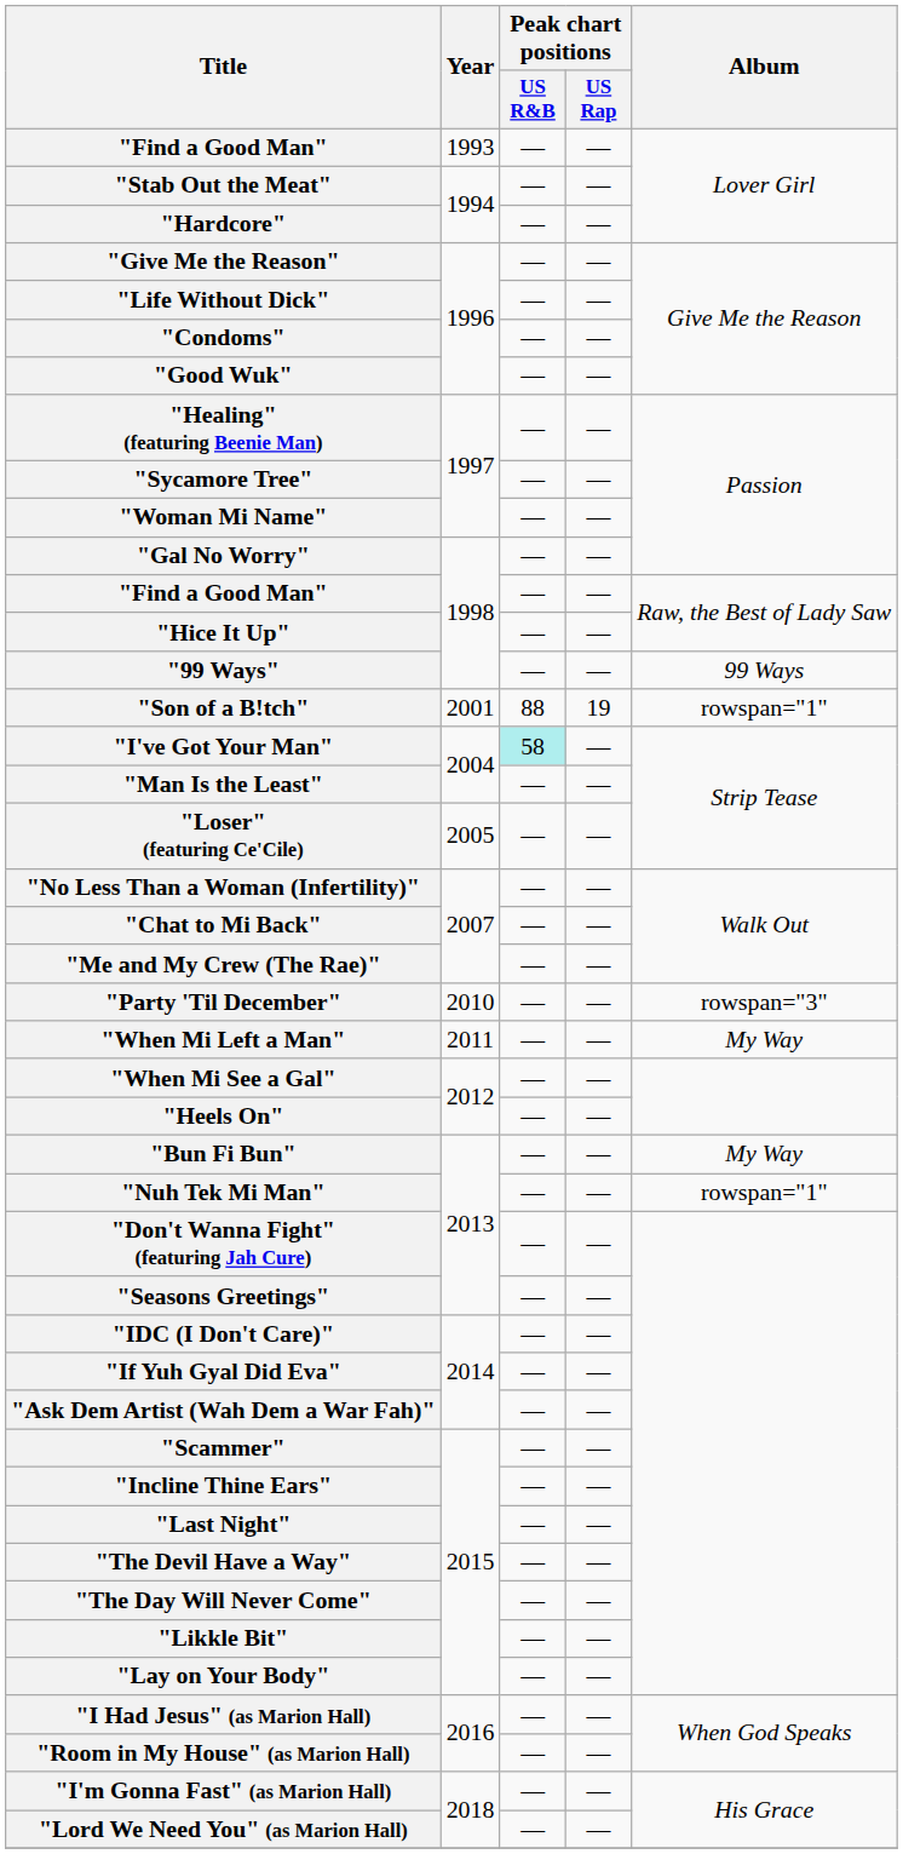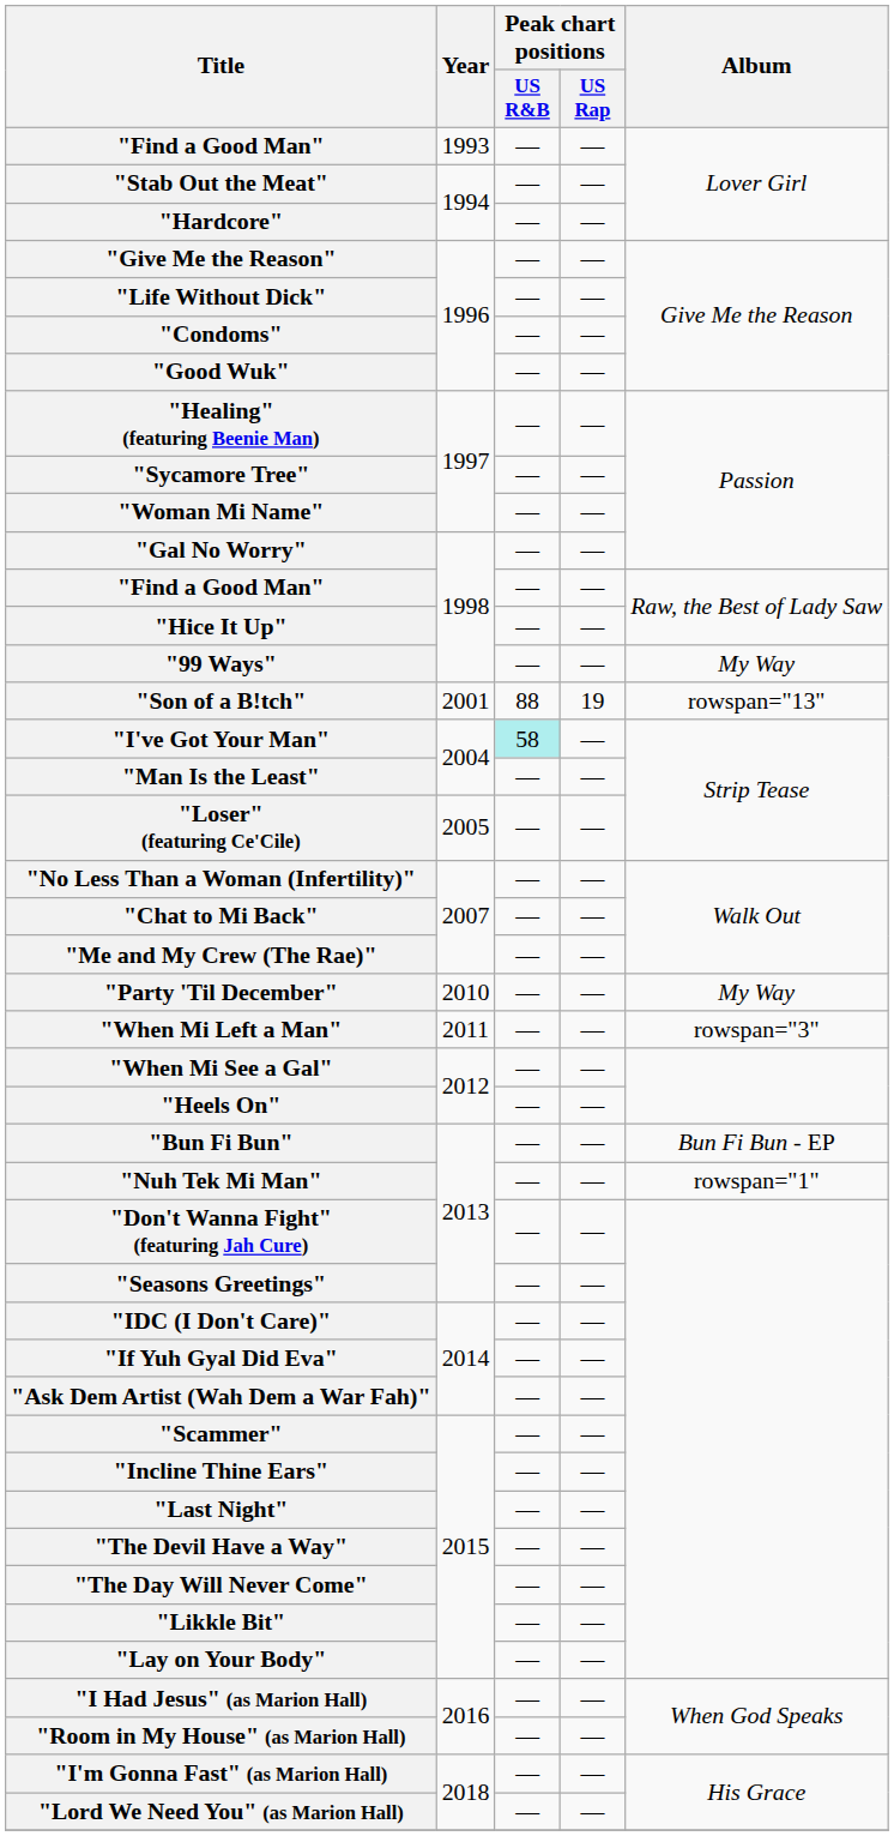 <table class="wikitable plainrowheaders" style="text-align: center;" border="1">
 <tr>
 <th rowspan="2">Title</th>
 <th rowspan="2">Year</th>
 <th colspan="2">Peak chart positions</th>
 <th rowspan="2">Album</th>
 </tr>
 <tr>
 <th scope="col" style="width:2.75em;font-size:85%;"><a href='#'>US<br>R&B</a><br></th>
 <th scope="col" style="width:2.75em;font-size:85%;"><a href='#'>US<br>Rap</a><br></th>
 </tr>
 <tr>
 <th scope="row">"Find a Good Man"</th>
 <td rowspan="1">1993</td>
 <td>—</td>
 <td>—</td>
 <td rowspan="3"><em>Lover Girl</em></td>
 </tr>
 <tr>
 <th scope="row">"Stab Out the Meat"</th>
 <td rowspan="2">1994</td>
 <td>—</td>
 <td>—</td>
 </tr>
 <tr>
 <th scope="row">"Hardcore"</th>
 <td>—</td>
 <td>—</td>
 </tr>
 <tr>
 <th scope="row">"Give Me the Reason"</th>
 <td rowspan="4">1996</td>
 <td>—</td>
 <td>—</td>
 <td rowspan="4"><em>Give Me the Reason</em></td>
 </tr>
 <tr>
 <th scope="row">"Life Without Dick"</th>
 <td>—</td>
 <td>—</td>
 </tr>
 <tr>
 <th scope="row">"Condoms"</th>
 <td>—</td>
 <td>—</td>
 </tr>
 <tr>
 <th scope="row">"Good Wuk"</th>
 <td>—</td>
 <td>—</td>
 </tr>
 <tr>
 <th scope="row">"Healing"<br><small>(featuring <a href='#'>Beenie Man</a>)</small></th>
 <td rowspan="3">1997</td>
 <td>—</td>
 <td>—</td>
 <td rowspan="4"><em>Passion</em></td>
 </tr>
 <tr>
 <th scope="row">"Sycamore Tree"</th>
 <td>—</td>
 <td>—</td>
 </tr>
 <tr>
 <th scope="row">"Woman Mi Name"</th>
 <td>—</td>
 <td>—</td>
 </tr>
 <tr>
 <th scope="row">"Gal No Worry"</th>
 <td rowspan="4">1998</td>
 <td>—</td>
 <td>—</td>
 </tr>
 <tr>
 <th scope="row">"Find a Good Man"</th>
 <td>—</td>
 <td>—</td>
 <td rowspan="2"><em>Raw, the Best of Lady Saw</em></td>
 </tr>
 <tr>
 <th scope="row">"Hice It Up"</th>
 <td>—</td>
 <td>—</td>
 </tr>
 <tr>
 <th scope="row">"99 Ways"</th>
 <td>—</td>
 <td>—</td>
-<td rowspan="1"><em>99 Ways</em></td>
+<td rowspan="1"><em>My Way</em></td>
 </tr>
 <tr>
 <th scope="row">"Son of a B!tch"</th>
 <td rowspan="1">2001</td>
 <td>88</td>
 <td>19</td>
-<td>rowspan="1" </td>
+<td>rowspan="13" </td>
 </tr>
 <tr>
 <th scope="row">"I've Got Your Man"</th>
 <td rowspan="2">2004</td>
 <td style="background: paleturquoise;">58</td>
 <td>—</td>
 <td rowspan="3"><em>Strip Tease</em></td>
 </tr>
 <tr>
 <th scope="row">"Man Is the Least"</th>
 <td>—</td>
 <td>—</td>
 </tr>
 <tr>
 <th scope="row">"Loser"<br><small>(featuring Ce'Cile)</small></th>
 <td rowspan="1">2005</td>
 <td>—</td>
 <td>—</td>
 </tr>
 <tr>
 <th scope="row">"No Less Than a Woman (Infertility)"</th>
 <td rowspan="3">2007</td>
 <td>—</td>
 <td>—</td>
 <td rowspan="3"><em>Walk Out</em></td>
 </tr>
 <tr>
 <th scope="row">"Chat to Mi Back"</th>
 <td>—</td>
 <td>—</td>
 </tr>
 <tr>
 <th scope="row">"Me and My Crew (The Rae)"</th>
 <td>—</td>
 <td>—</td>
 </tr>
 <tr>
 <th scope="row">"Party 'Til December"</th>
 <td rowspan="1">2010</td>
 <td>—</td>
 <td>—</td>
-<td>rowspan="3" </td>
+<td rowspan="1"><em>My Way</em></td>
 </tr>
 <tr>
 <th scope="row">"When Mi Left a Man"</th>
 <td rowspan="1">2011</td>
 <td>—</td>
 <td>—</td>
-<td rowspan="1"><em>My Way</em></td>
+<td>rowspan="3" </td>
 </tr>
 <tr>
 <th scope="row">"When Mi See a Gal"</th>
 <td rowspan="2">2012</td>
 <td>—</td>
 <td>—</td>
 </tr>
 <tr>
 <th scope="row">"Heels On"</th>
 <td>—</td>
 <td>—</td>
 </tr>
 <tr>
 <th scope="row">"Bun Fi Bun"</th>
 <td rowspan="4">2013</td>
 <td>—</td>
 <td>—</td>
-<td rowspan="1"><em>My Way</em></td>
+<td rowspan="1"><em>Bun Fi Bun</em> - EP</td>
 </tr>
 <tr>
 <th scope="row">"Nuh Tek Mi Man"</th>
 <td>—</td>
 <td>—</td>
 <td>rowspan="1" </td>
 </tr>
 <tr>
 <th scope="row">"Don't Wanna Fight"<br><small>(featuring <a href='#'>Jah Cure</a>)</small></th>
 <td>—</td>
 <td>—</td>
 </tr>
 <tr>
 <th scope="row">"Seasons Greetings"</th>
 <td>—</td>
 <td>—</td>
 </tr>
 <tr>
 <th scope="row">"IDC (I Don't Care)"</th>
 <td rowspan="3">2014</td>
 <td>—</td>
 <td>—</td>
 </tr>
 <tr>
 <th scope="row">"If Yuh Gyal Did Eva"</th>
 <td>—</td>
 <td>—</td>
 </tr>
 <tr>
 <th scope="row">"Ask Dem Artist (Wah Dem a War Fah)"</th>
 <td>—</td>
 <td>—</td>
 </tr>
 <tr>
 <th scope="row">"Scammer"</th>
 <td rowspan="7">2015</td>
 <td>—</td>
 <td>—</td>
 </tr>
 <tr>
 <th scope="row">"Incline Thine Ears"</th>
 <td>—</td>
 <td>—</td>
 </tr>
 <tr>
 <th scope="row">"Last Night"</th>
 <td>—</td>
 <td>—</td>
 </tr>
 <tr>
 <th scope="row">"The Devil Have a Way"</th>
 <td>—</td>
 <td>—</td>
 </tr>
 <tr>
 <th scope="row">"The Day Will Never Come"</th>
 <td>—</td>
 <td>—</td>
 </tr>
 <tr>
 <th scope="row">"Likkle Bit"</th>
 <td>—</td>
 <td>—</td>
 </tr>
 <tr>
 <th scope="row">"Lay on Your Body"</th>
 <td>—</td>
 <td>—</td>
 </tr>
 <tr>
 <th scope="row">"I Had Jesus" <small>(as Marion Hall)</small></th>
 <td rowspan="2">2016</td>
 <td>—</td>
 <td>—</td>
 <td rowspan="2"><em>When God Speaks</em></td>
 </tr>
 <tr>
 <th scope="row">"Room in My House" <small>(as Marion Hall)</small></th>
 <td>—</td>
 <td>—</td>
 </tr>
 <tr>
 <th scope="row">"I'm Gonna Fast" <small>(as Marion Hall)</small></th>
 <td rowspan="2">2018</td>
 <td>—</td>
 <td>—</td>
 <td rowspan="2"><em>His Grace</em></td>
 </tr>
 <tr>
 <th scope="row">"Lord We Need You" <small>(as Marion Hall)</small></th>
 <td>—</td>
 <td>—</td>
 </tr>
 <tr>
 </tr>
 </table>
